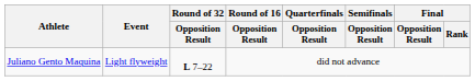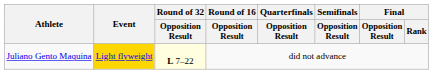 <table class="wikitable" style="font-size:90%">
 <tr>
 <th rowspan="2">Athlete</th>
 <th rowspan="2">Event</th>
 <th>Round of 32</th>
 <th>Round of 16</th>
 <th>Quarterfinals</th>
 <th>Semifinals</th>
 <th colspan=2>Final</th>
 </tr>
 <tr style="font-size:95%">
 <th>Opposition<br>Result</th>
 <th>Opposition<br>Result</th>
 <th>Opposition<br>Result</th>
 <th>Opposition<br>Result</th>
 <th>Opposition<br>Result</th>
 <th>Rank</th>
 </tr>
 <tr align=center>
 <td align=left><a href='#'>Juliano Gento Maquina</a></td>
-<td align=left><a href='#'>Light flyweight</a></td>
-<td><br><strong>L</strong> 7–22</td>
+<td align=left style="background: gold;"><a href='#'>Light flyweight</a></td>
+<td style="background: lightyellow;"><br><strong>L</strong> 7–22</td>
 <td colspan=5>did not advance</td>
 </tr>
 </table>
